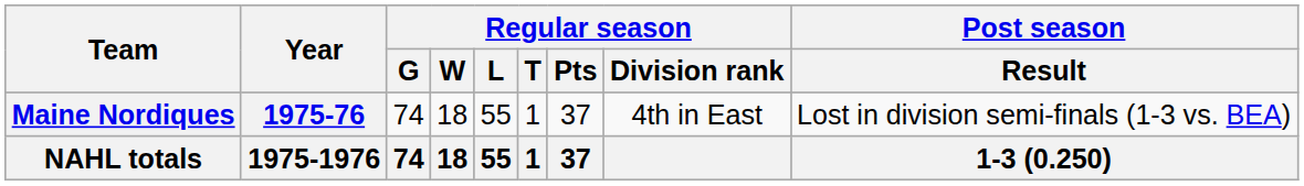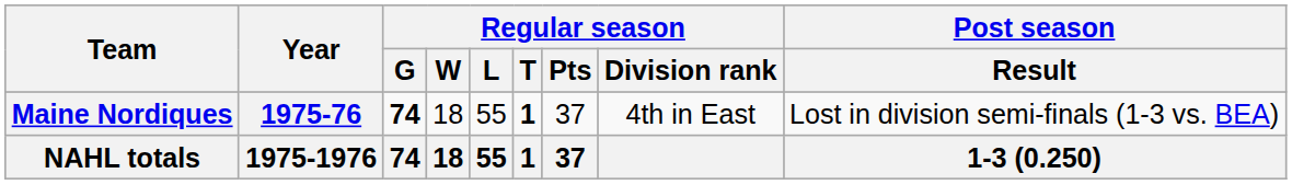 <table class="wikitable" style="font-size: 95%; text-align:center;">
 <tr>
 <th rowspan="2">Team</th>
 <th rowspan="2">Year</th>
 <th colspan="6"><a href='#'>Regular season</a></th>
 <th colspan="1"><a href='#'>Post season</a></th>
 </tr>
 <tr>
 <th>G</th>
 <th>W</th>
 <th>L</th>
 <th>T</th>
 <th>Pts</th>
 <th>Division rank</th>
 <th>Result</th>
 </tr>
 <tr>
 <th><a href='#'>Maine Nordiques</a></th>
 <th><a href='#'>1975-76</a></th>
-<td>74</td>
+<td><strong>74</strong></td>
 <td>18</td>
 <td>55</td>
-<td>1</td>
+<td><strong>1</strong></td>
 <td>37</td>
 <td>4th in East</td>
 <td>Lost in division semi-finals (1-3 vs. <a href='#'>BEA</a>)</td>
 </tr>
 <tr align="centre" bgcolor="#dddddd">
 <th>NAHL totals</th>
 <th>1975-1976</th>
 <th>74</th>
 <th>18</th>
 <th>55</th>
 <th>1</th>
 <th>37</th>
 <th></th>
 <th>1-3 (0.250)</th>
 </tr>
 </table>
